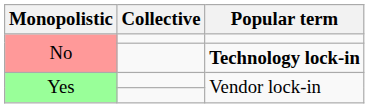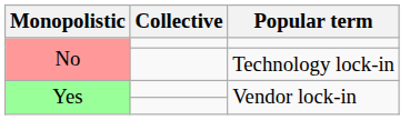 <table class="wikitable">
 <tr>
 <th>Monopolistic</th>
 <th>Collective</th>
 <th>Popular term</th>
 </tr>
 <tr>
 <td rowspan="2" style="background:#F99;vertical-align:middle;text-align:center;" class="table-no">No</td>
 <td></td>
 <td></td>
 </tr>
 <tr>
 <td></td>
-<td><strong>Technology lock-in</strong></td>
+<td>Technology lock-in</td>
 </tr>
 <tr>
 <td rowspan="2" style="background:#9F9;vertical-align:middle;text-align:center;" class="table-yes">Yes</td>
 <td></td>
 <td rowspan="2">Vendor lock-in</td>
 </tr>
 <tr>
 <td></td>
 </tr>
 </table>
